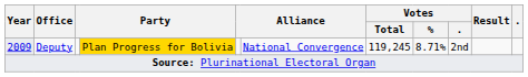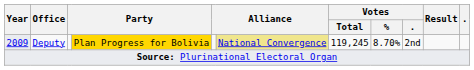 <table class="wikitable" style="font-size: 90%; text-align:center;">
 <tr>
 <th rowspan=2>Year</th>
 <th rowspan=2>Office</th>
 <th colspan=2 rowspan=2>Party</th>
 <th colspan=2 rowspan=2>Alliance</th>
 <th colspan=3>Votes</th>
 <th rowspan=2>Result</th>
 <th rowspan=2>.</th>
 </tr>
 <tr>
 <th>Total</th>
 <th>%</th>
 <th>.</th>
 </tr>
 <tr>
 <td style="background-color:#EAECF0;"><a href='#'>2009</a></td>
 <td><a href='#'>Deputy</a></td>
 <td style="background-color:"></td>
 <td style="background: gold;">Plan Progress for Bolivia</td>
 <td style="background-color:"></td>
-<td><a href='#'>National Convergence</a></td>
+<td style="background: khaki;"><a href='#'>National Convergence</a></td>
 <td>119,245</td>
-<td>8.71%</td>
+<td>8.70%</td>
 <td>2nd</td>
 <td></td>
 <td></td>
 </tr>
 <tr>
 <td style="background-color:#EAECF0;" colspan=11><strong>Source:</strong> <a href='#'>Plurinational Electoral Organ</a>  </td>
 </tr>
 </table>
